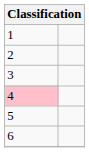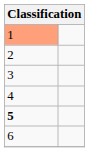 <table class="wikitable" font-size: 90%;>
 <tr>
 <th colspan=2>Classification</th>
 </tr>
 <tr valign="top">
-<td>1</td>
+<td style="background: lightsalmon;">1</td>
 <td></td>
 </tr>
 <tr>
 <td>2</td>
 <td></td>
 </tr>
 <tr>
 <td>3</td>
 <td></td>
 </tr>
 <tr>
-<td style="background: pink;">4</td>
+<td>4</td>
 <td></td>
 </tr>
 <tr>
-<td>5</td>
+<td><strong>5</strong></td>
 <td></td>
 </tr>
 <tr>
 <td>6</td>
 <td></td>
 </tr>
 <tr>
 </tr>
 </table>
